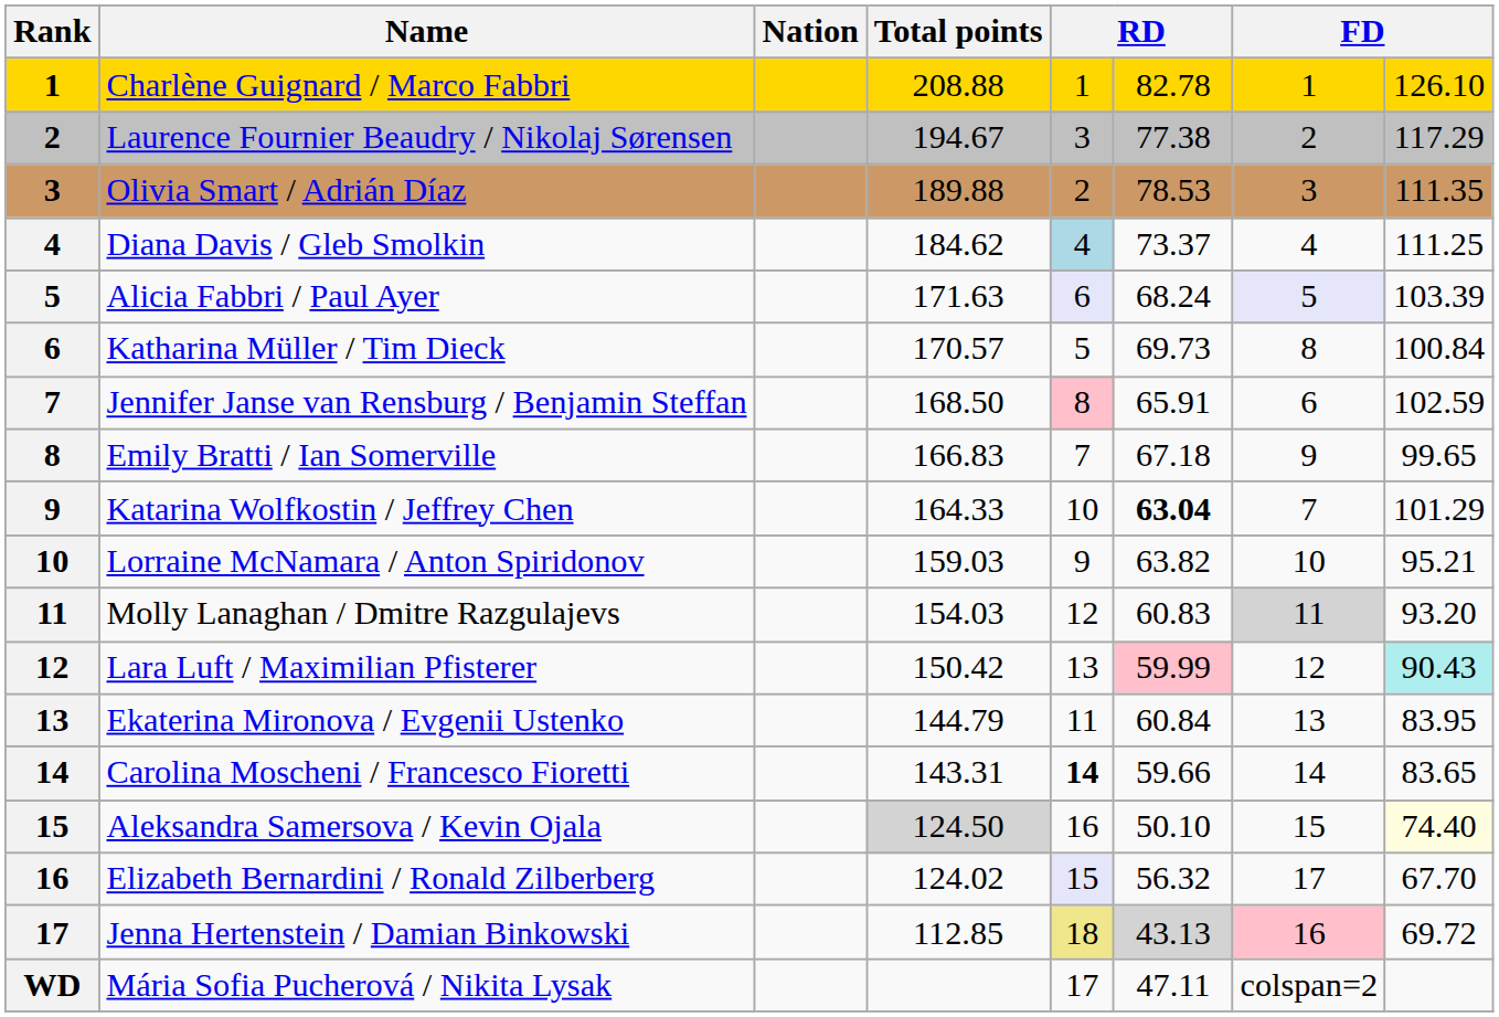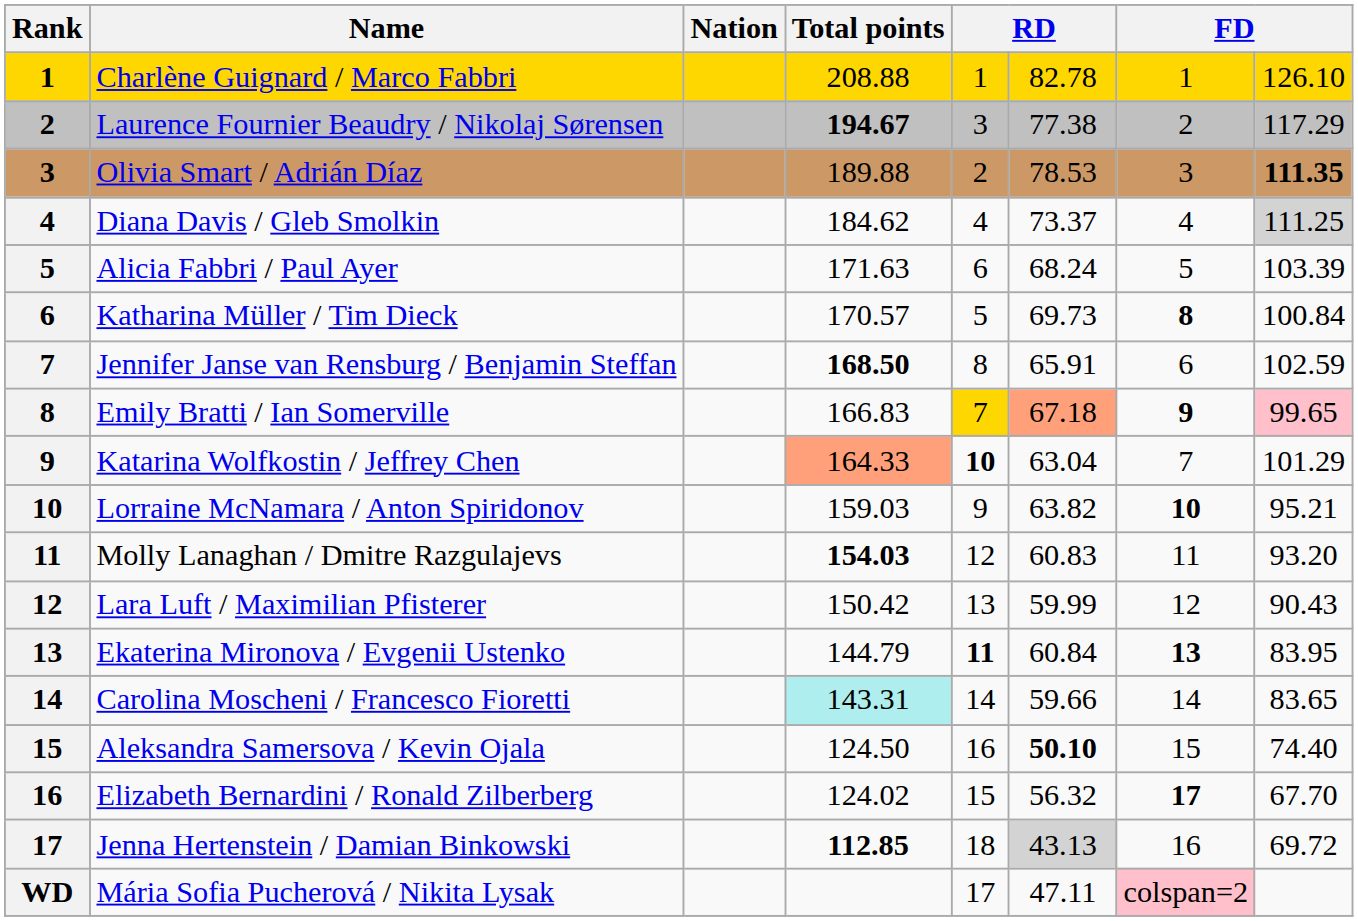 <table class="wikitable sortable">
 <tr>
 <th>Rank</th>
 <th>Name</th>
 <th>Nation</th>
 <th>Total points</th>
 <th colspan="2" width="80px"><a href='#'>RD</a></th>
 <th colspan="2" width="80px"><a href='#'>FD</a></th>
 </tr>
 <tr bgcolor="gold">
 <td align="center"><strong>1</strong></td>
 <td><a href='#'>Charlène Guignard</a> / <a href='#'>Marco Fabbri</a></td>
 <td></td>
 <td align="center">208.88</td>
 <td align="center">1</td>
 <td align="center">82.78</td>
 <td align="center">1</td>
 <td align="center">126.10</td>
 </tr>
 <tr bgcolor="silver">
 <td align="center"><strong>2</strong></td>
 <td><a href='#'>Laurence Fournier Beaudry</a> / <a href='#'>Nikolaj Sørensen</a></td>
 <td></td>
-<td align="center">194.67</td>
+<td align="center"><strong>194.67</strong></td>
 <td align="center">3</td>
 <td align="center">77.38</td>
 <td align="center">2</td>
 <td align="center">117.29</td>
 </tr>
 <tr bgcolor="cc9966">
 <td align="center"><strong>3</strong></td>
 <td><a href='#'>Olivia Smart</a> / <a href='#'>Adrián Díaz</a></td>
 <td></td>
 <td align="center">189.88</td>
 <td align="center">2</td>
 <td align="center">78.53</td>
 <td align="center">3</td>
-<td align="center">111.35</td>
+<td align="center"><strong>111.35</strong></td>
 </tr>
 <tr>
 <th>4</th>
 <td><a href='#'>Diana Davis</a> / <a href='#'>Gleb Smolkin</a></td>
 <td></td>
 <td align="center">184.62</td>
-<td align="center" style="background: lightblue;">4</td>
+<td align="center">4</td>
 <td align="center">73.37</td>
 <td align="center">4</td>
-<td align="center">111.25</td>
+<td align="center" style="background: lightgrey;">111.25</td>
 </tr>
 <tr>
 <th>5</th>
 <td><a href='#'>Alicia Fabbri</a> / <a href='#'>Paul Ayer</a></td>
 <td></td>
 <td align="center">171.63</td>
-<td align="center" style="background: lavender;">6</td>
+<td align="center">6</td>
 <td align="center">68.24</td>
-<td align="center" style="background: lavender;">5</td>
+<td align="center">5</td>
 <td align="center">103.39</td>
 </tr>
 <tr>
 <th>6</th>
 <td><a href='#'>Katharina Müller</a> / <a href='#'>Tim Dieck</a></td>
 <td></td>
 <td align="center">170.57</td>
 <td align="center">5</td>
 <td align="center">69.73</td>
-<td align="center">8</td>
+<td align="center"><strong>8</strong></td>
 <td align="center">100.84</td>
 </tr>
 <tr>
 <th>7</th>
 <td><a href='#'>Jennifer Janse van Rensburg</a> / <a href='#'>Benjamin Steffan</a></td>
 <td></td>
-<td align="center">168.50</td>
-<td align="center" style="background: pink;">8</td>
+<td align="center"><strong>168.50</strong></td>
+<td align="center">8</td>
 <td align="center">65.91</td>
 <td align="center">6</td>
 <td align="center">102.59</td>
 </tr>
 <tr>
 <th>8</th>
 <td><a href='#'>Emily Bratti</a> / <a href='#'>Ian Somerville</a></td>
 <td></td>
 <td align="center">166.83</td>
-<td align="center">7</td>
-<td align="center">67.18</td>
-<td align="center">9</td>
-<td align="center">99.65</td>
+<td align="center" style="background: gold;">7</td>
+<td align="center" style="background: lightsalmon;">67.18</td>
+<td align="center"><strong>9</strong></td>
+<td align="center" style="background: pink;">99.65</td>
 </tr>
 <tr>
 <th>9</th>
 <td><a href='#'>Katarina Wolfkostin</a> / <a href='#'>Jeffrey Chen</a></td>
 <td></td>
-<td align="center">164.33</td>
-<td align="center">10</td>
-<td align="center"><strong>63.04</strong></td>
+<td align="center" style="background: lightsalmon;">164.33</td>
+<td align="center"><strong>10</strong></td>
+<td align="center">63.04</td>
 <td align="center">7</td>
 <td align="center">101.29</td>
 </tr>
 <tr>
 <th>10</th>
 <td><a href='#'>Lorraine McNamara</a> / <a href='#'>Anton Spiridonov</a></td>
 <td></td>
 <td align="center">159.03</td>
 <td align="center">9</td>
 <td align="center">63.82</td>
-<td align="center">10</td>
+<td align="center"><strong>10</strong></td>
 <td align="center">95.21</td>
 </tr>
 <tr>
 <th>11</th>
 <td>Molly Lanaghan / Dmitre Razgulajevs</td>
 <td></td>
-<td align="center">154.03</td>
+<td align="center"><strong>154.03</strong></td>
 <td align="center">12</td>
 <td align="center">60.83</td>
-<td align="center" style="background: lightgrey;">11</td>
+<td align="center">11</td>
 <td align="center">93.20</td>
 </tr>
 <tr>
 <th>12</th>
 <td><a href='#'>Lara Luft</a> / <a href='#'>Maximilian Pfisterer</a></td>
 <td></td>
 <td align="center">150.42</td>
 <td align="center">13</td>
-<td align="center" style="background: pink;">59.99</td>
+<td align="center">59.99</td>
 <td align="center">12</td>
-<td align="center" style="background: paleturquoise;">90.43</td>
+<td align="center">90.43</td>
 </tr>
 <tr>
 <th>13</th>
 <td><a href='#'>Ekaterina Mironova</a> / <a href='#'>Evgenii Ustenko</a></td>
 <td></td>
 <td align="center">144.79</td>
-<td align="center">11</td>
+<td align="center"><strong>11</strong></td>
 <td align="center">60.84</td>
-<td align="center">13</td>
+<td align="center"><strong>13</strong></td>
 <td align="center">83.95</td>
 </tr>
 <tr>
 <th>14</th>
 <td><a href='#'>Carolina Moscheni</a> / <a href='#'>Francesco Fioretti</a></td>
 <td></td>
-<td align="center">143.31</td>
-<td align="center"><strong>14</strong></td>
+<td align="center" style="background: paleturquoise;">143.31</td>
+<td align="center">14</td>
 <td align="center">59.66</td>
 <td align="center">14</td>
 <td align="center">83.65</td>
 </tr>
 <tr>
 <th>15</th>
 <td><a href='#'>Aleksandra Samersova</a> / <a href='#'>Kevin Ojala</a></td>
 <td></td>
-<td align="center" style="background: lightgrey;">124.50</td>
+<td align="center">124.50</td>
 <td align="center">16</td>
-<td align="center">50.10</td>
+<td align="center"><strong>50.10</strong></td>
 <td align="center">15</td>
-<td align="center" style="background: lightyellow;">74.40</td>
+<td align="center">74.40</td>
 </tr>
 <tr>
 <th>16</th>
 <td><a href='#'>Elizabeth Bernardini</a> / <a href='#'>Ronald Zilberberg</a></td>
 <td></td>
 <td align="center">124.02</td>
-<td align="center" style="background: lavender;">15</td>
+<td align="center">15</td>
 <td align="center">56.32</td>
-<td align="center">17</td>
+<td align="center"><strong>17</strong></td>
 <td align="center">67.70</td>
 </tr>
 <tr>
 <th>17</th>
 <td><a href='#'>Jenna Hertenstein</a> / <a href='#'>Damian Binkowski</a></td>
 <td></td>
-<td align="center">112.85</td>
-<td align="center" style="background: khaki;">18</td>
+<td align="center"><strong>112.85</strong></td>
+<td align="center">18</td>
 <td align="center" style="background: lightgrey;">43.13</td>
-<td align="center" style="background: pink;">16</td>
+<td align="center">16</td>
 <td align="center">69.72</td>
 </tr>
 <tr>
 <th>WD</th>
 <td><a href='#'>Mária Sofia Pucherová</a> / <a href='#'>Nikita Lysak</a></td>
 <td></td>
 <td></td>
 <td align="center">17</td>
 <td align="center">47.11</td>
-<td>colspan=2 </td>
+<td style="background: pink;">colspan=2 </td>
 </tr>
 </table>
